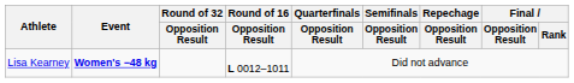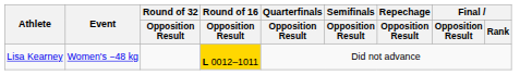 <table class="wikitable" style="font-size:90%;">
 <tr>
 <th rowspan=2>Athlete</th>
 <th rowspan=2>Event</th>
 <th>Round of 32</th>
 <th>Round of 16</th>
 <th>Quarterfinals</th>
 <th>Semifinals</th>
 <th>Repechage</th>
 <th colspan=2>Final / </th>
 </tr>
 <tr style="font-size:95%">
 <th>Opposition<br>Result</th>
 <th>Opposition<br>Result</th>
 <th>Opposition<br>Result</th>
 <th>Opposition<br>Result</th>
 <th>Opposition<br>Result</th>
 <th>Opposition<br>Result</th>
 <th>Rank</th>
 </tr>
 <tr align=center>
 <td align=left><a href='#'>Lisa Kearney</a></td>
-<td align=left><strong><a href='#'>Women's −48 kg</a></strong></td>
+<td align=left><a href='#'>Women's −48 kg</a></td>
 <td></td>
-<td><br><strong>L</strong> 0012–1011</td>
+<td style="background: gold;"><br><strong>L</strong> 0012–1011</td>
 <td colspan=5>Did not advance</td>
 </tr>
 </table>
